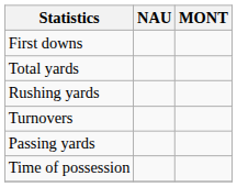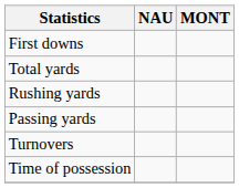 <table class="wikitable" style="float: left;">
 <tr>
 <th>Statistics</th>
 <th>NAU</th>
 <th>MONT</th>
 </tr>
 <tr>
 <td>First downs</td>
 <td></td>
 <td></td>
 </tr>
 <tr>
 <td>Total yards</td>
 <td></td>
 <td></td>
 </tr>
 <tr>
 <td>Rushing yards</td>
 <td></td>
 <td></td>
 </tr>
 <tr>
-<td>Turnovers</td>
+<td>Passing yards</td>
 <td></td>
 <td></td>
 </tr>
 <tr>
-<td>Passing yards</td>
+<td>Turnovers</td>
 <td></td>
 <td></td>
 </tr>
 <tr>
 <td>Time of possession</td>
 <td></td>
 <td></td>
 </tr>
 <tr>
 </tr>
 </table>
